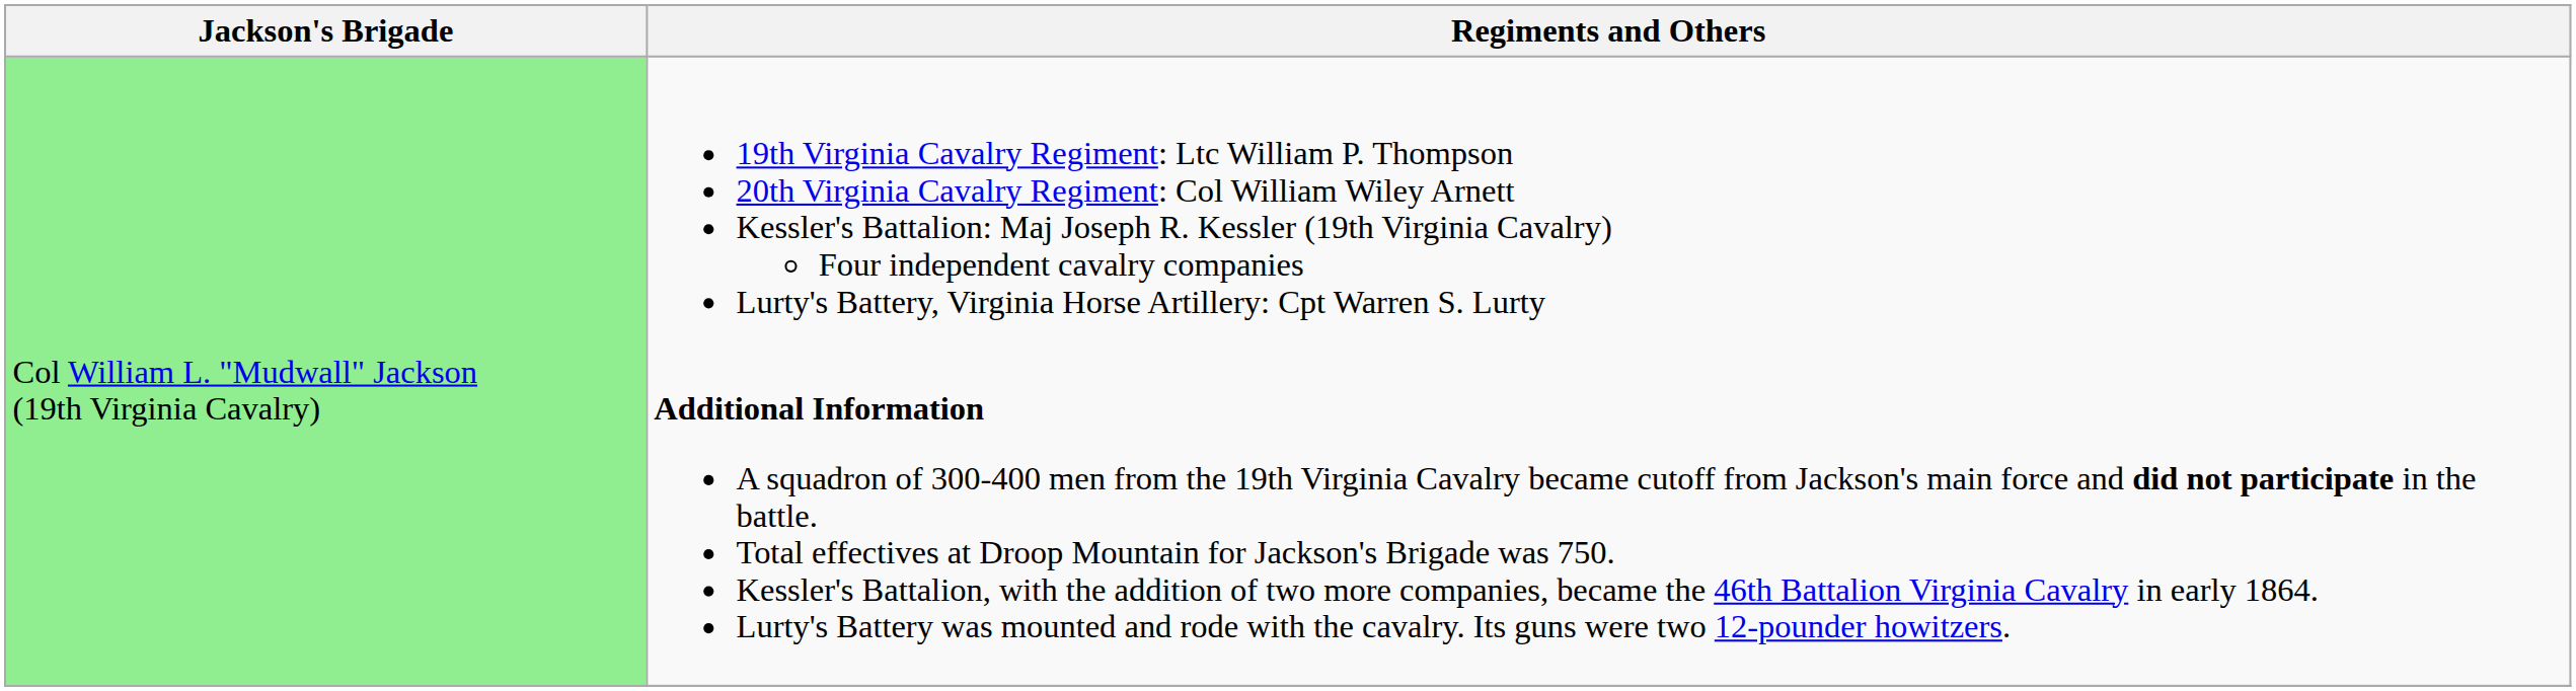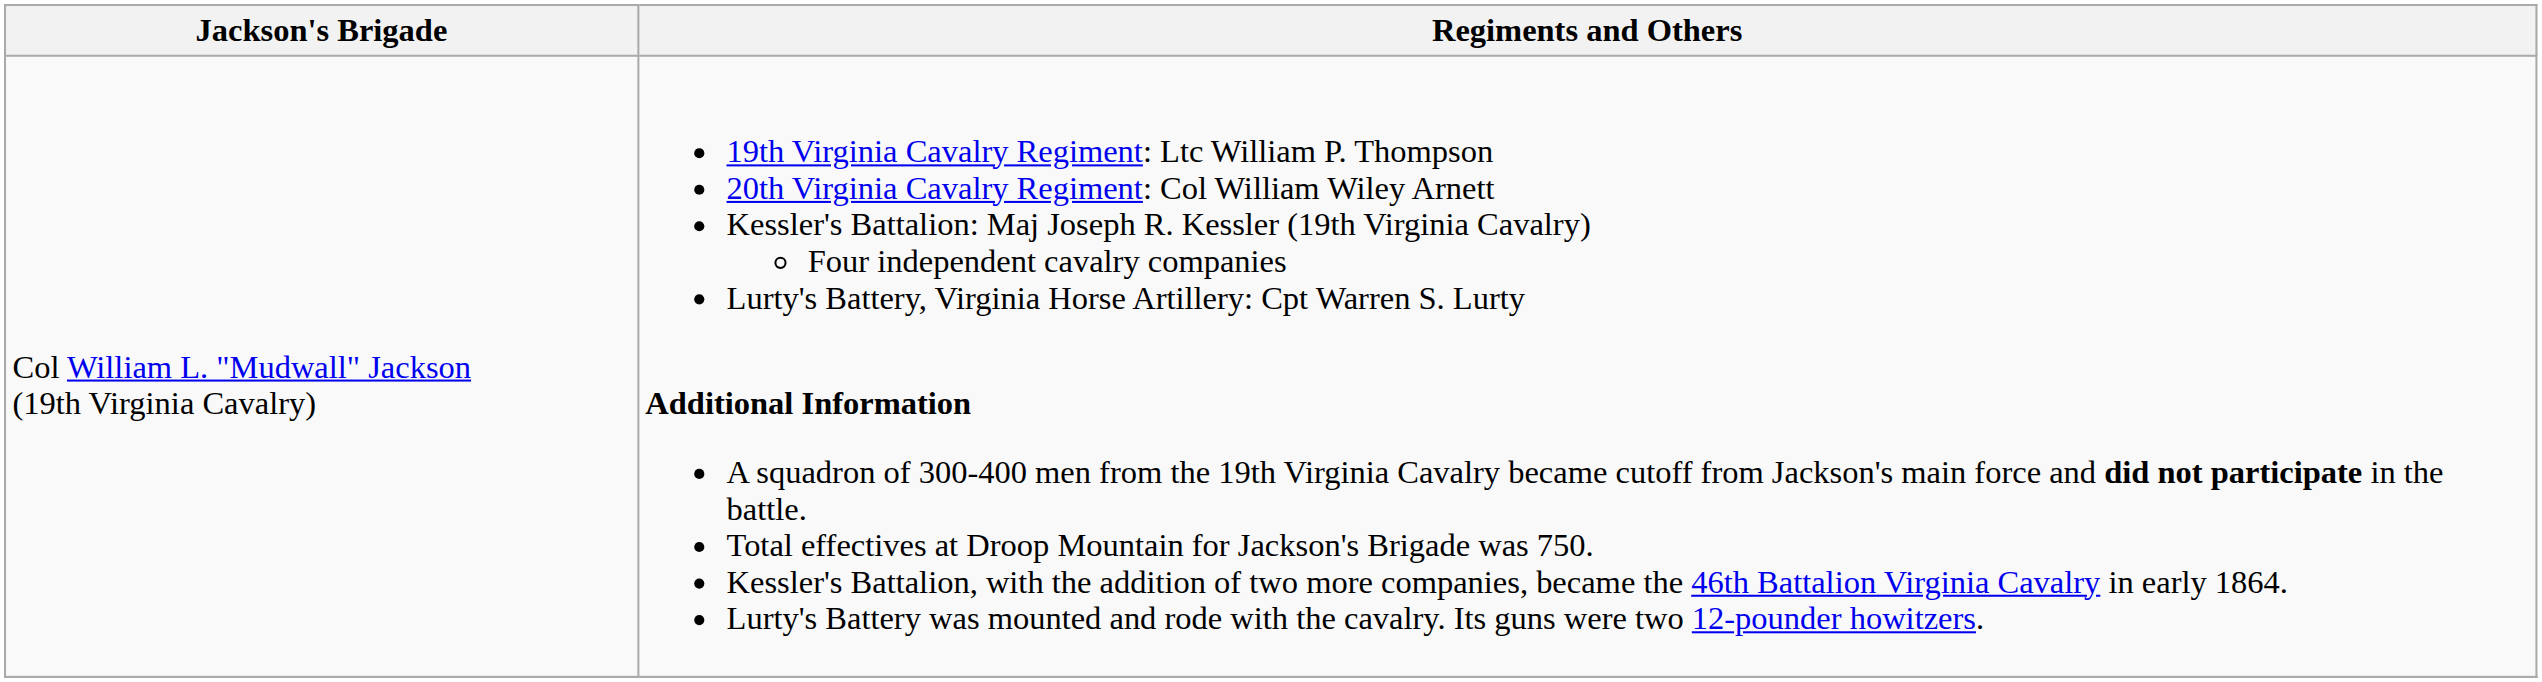 <table class="wikitable">
 <tr>
 <th width=25%>Jackson's Brigade</th>
 <th>Regiments and Others</th>
 </tr>
 <tr>
-<td style="background: lightgreen;"><br>Col <a href='#'>William L. "Mudwall" Jackson</a><br>(19th Virginia Cavalry)</td>
+<td><br>Col <a href='#'>William L. "Mudwall" Jackson</a><br>(19th Virginia Cavalry)</td>
 <td><br><ul><li><a href='#'>19th Virginia Cavalry Regiment</a>: Ltc William P. Thompson</li><li><a href='#'>20th Virginia Cavalry Regiment</a>: Col William Wiley Arnett</li><li>Kessler's Battalion: Maj Joseph R. Kessler (19th Virginia Cavalry)<ul><li>Four independent cavalry companies</li></ul></li><li>Lurty's Battery, Virginia Horse Artillery: Cpt Warren S. Lurty</li></ul><br> <strong>Additional Information</strong><ul><li>A squadron of 300-400 men from the 19th Virginia Cavalry became cutoff from Jackson's main force and <strong>did not participate</strong> in the battle.</li><li>Total effectives at Droop Mountain for Jackson's Brigade was 750.</li><li>Kessler's Battalion, with the addition of two more companies, became the <a href='#'>46th Battalion Virginia Cavalry</a> in early 1864.</li><li>Lurty's Battery was mounted and rode with the cavalry. Its guns were two <a href='#'>12-pounder howitzers</a>.</li></ul></td>
 </tr>
 <tr>
 </tr>
 </table>
